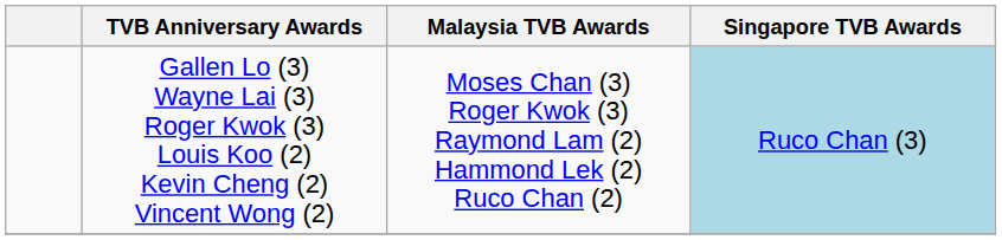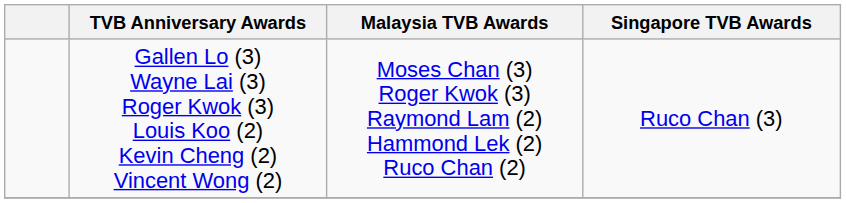 <table class="wikitable" style="text-align:center;">
 <tr>
 <th width=40></th>
 <th width=180><small>TVB Anniversary Awards</small></th>
 <th width=180><small>Malaysia TVB Awards</small></th>
 <th width=180><small>Singapore TVB Awards</small></th>
 </tr>
 <tr>
 <td></td>
 <td><a href='#'>Gallen Lo</a> (3)<br> <a href='#'>Wayne Lai</a> (3)<br><a href='#'>Roger Kwok</a> (3)<br> <a href='#'>Louis Koo</a> (2)<br><a href='#'>Kevin Cheng</a> (2)<br><a href='#'>Vincent Wong</a> (2)</td>
 <td><a href='#'>Moses Chan</a> (3) <br><a href='#'>Roger Kwok</a> (3) <br> <a href='#'>Raymond Lam</a> (2)<br><a href='#'>Hammond Lek</a> (2)<br><a href='#'>Ruco Chan</a> (2)</td>
-<td style="background: lightblue;"><a href='#'>Ruco Chan</a> (3)</td>
+<td><a href='#'>Ruco Chan</a> (3)</td>
 </tr>
 <tr>
 </tr>
 </table>
